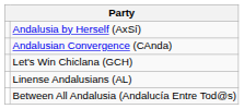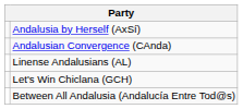 <table class="wikitable" style="text-align:left;">
 <tr>
 <th colspan="2">Party</th>
 </tr>
 <tr>
 <td width="1"></td>
 <td><a href='#'>Andalusia by Herself</a> (AxSí)</td>
 </tr>
 <tr>
 <td></td>
 <td><a href='#'>Andalusian Convergence</a> (CAnda)</td>
 </tr>
 <tr>
+<td bgcolor="white"></td>
+<td>Linense Andalusians (AL)</td>
+</tr>
+<tr>
 <td></td>
 <td>Let's Win Chiclana (GCH)</td>
-</tr>
-<tr>
-<td bgcolor="white"></td>
-<td>Linense Andalusians (AL)</td>
 </tr>
 <tr>
 <td bgcolor="white"></td>
 <td>Between All Andalusia (Andalucía Entre Tod@s)</td>
 </tr>
 </table>
